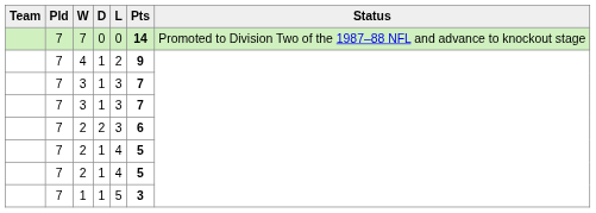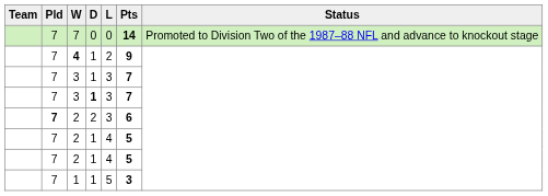 <table style=border-collapse:collapse border=1 cellspacing=0 cellpadding=5>
 <tr align=center bgcolor=#efefef>
 <th>Team</th>
 <th>Pld</th>
 <th>W</th>
 <th>D</th>
 <th>L</th>
 <th>Pts</th>
 <th>Status</th>
 </tr>
 <tr align=center style="background:#D0F0C0;">
 <td style="text-align:left;"> </td>
 <td>7</td>
 <td>7</td>
 <td>0</td>
 <td>0</td>
 <td><strong>14</strong></td>
 <td rowspan=1>Promoted to Division Two of the <a href='#'>1987–88 NFL</a> and advance to knockout stage</td>
 </tr>
 <tr align=center style="background:#FFFFFF;">
 <td style="text-align:left;"> </td>
 <td>7</td>
-<td>4</td>
+<td><strong>4</strong></td>
 <td>1</td>
 <td>2</td>
 <td><strong>9</strong></td>
 <td rowspan=7></td>
 </tr>
 <tr align=center style="background:#FFFFFF;">
 <td style="text-align:left;"> </td>
 <td>7</td>
 <td>3</td>
 <td>1</td>
 <td>3</td>
 <td><strong>7</strong></td>
 </tr>
 <tr align=center style="background:#FFFFFF;">
 <td style="text-align:left;"> </td>
 <td>7</td>
 <td>3</td>
-<td>1</td>
+<td><strong>1</strong></td>
 <td>3</td>
 <td><strong>7</strong></td>
 </tr>
 <tr align=center style="background:#FFFFFF;">
 <td style="text-align:left;"> </td>
-<td>7</td>
+<td><strong>7</strong></td>
 <td>2</td>
 <td>2</td>
 <td>3</td>
 <td><strong>6</strong></td>
 </tr>
 <tr align=center style="background:#FFFFFF;">
 <td style="text-align:left;"> </td>
 <td>7</td>
 <td>2</td>
 <td>1</td>
 <td>4</td>
 <td><strong>5</strong></td>
 </tr>
 <tr align=center style="background:#FFFFFF;">
 <td style="text-align:left;"> </td>
 <td>7</td>
 <td>2</td>
 <td>1</td>
 <td>4</td>
 <td><strong>5</strong></td>
 </tr>
 <tr align=center style="background:#FFFFFF;">
 <td style="text-align:left;"> </td>
 <td>7</td>
 <td>1</td>
 <td>1</td>
 <td>5</td>
 <td><strong>3</strong></td>
 </tr>
 </table>
